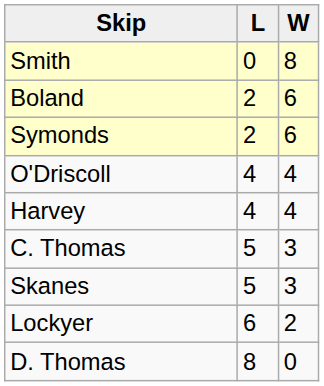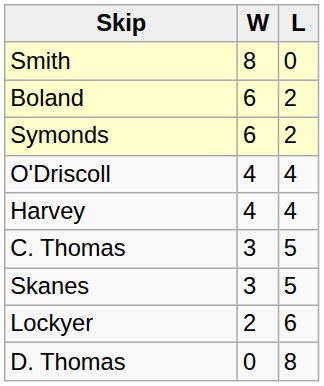 <table class="wikitable">
 <tr>
 <th style="background:#efefef; width:150px;">Skip</th>
+<th style="background:#efefef; width:20px;">W</th>
 <th style="background:#efefef; width:20px;">L</th>
-<th style="background:#efefef; width:20px;">W</th>
 </tr>
 <tr style="background:#ffffcc;">
 <td>Smith</td>
+<td>8</td>
 <td>0</td>
-<td>8</td>
 </tr>
 <tr style="background:#ffffcc;">
 <td>Boland</td>
+<td>6</td>
 <td>2</td>
-<td>6</td>
 </tr>
 <tr style="background:#ffffcc;">
 <td>Symonds</td>
+<td>6</td>
 <td>2</td>
-<td>6</td>
 </tr>
 <tr>
 <td>O'Driscoll</td>
 <td>4</td>
 <td>4</td>
 </tr>
 <tr>
 <td>Harvey</td>
 <td>4</td>
 <td>4</td>
 </tr>
 <tr>
 <td>C. Thomas</td>
+<td>3</td>
 <td>5</td>
-<td>3</td>
 </tr>
 <tr>
 <td>Skanes</td>
+<td>3</td>
 <td>5</td>
-<td>3</td>
 </tr>
 <tr>
 <td>Lockyer</td>
+<td>2</td>
 <td>6</td>
-<td>2</td>
 </tr>
 <tr>
 <td>D. Thomas</td>
+<td>0</td>
 <td>8</td>
-<td>0</td>
 </tr>
 </table>
